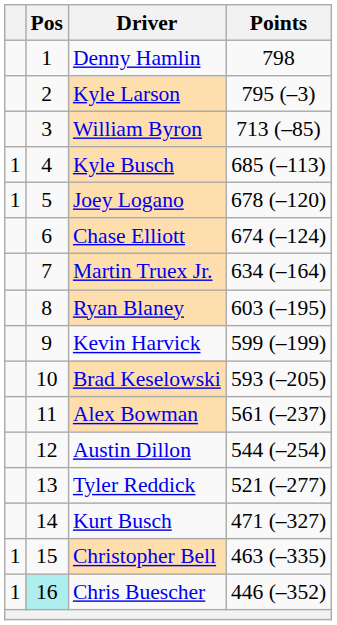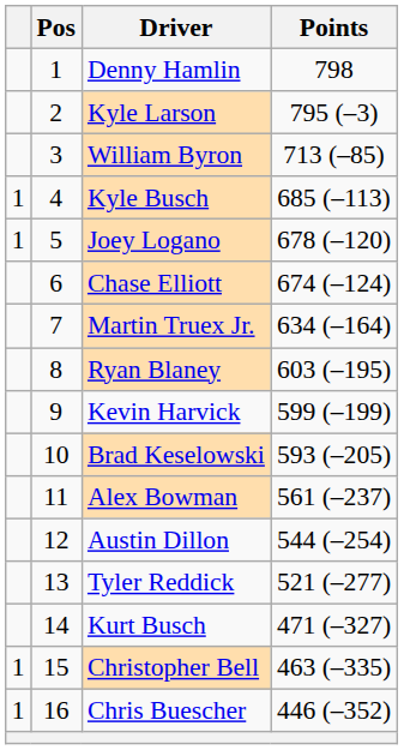 <table class="wikitable" style="font-size: 95%">
 <tr>
 <th></th>
 <th>Pos</th>
 <th>Driver</th>
 <th>Points</th>
 </tr>
 <tr>
 <td align="left"></td>
 <td style="text-align:center;">1</td>
 <td><a href='#'>Denny Hamlin</a></td>
 <td style="text-align:center;">798</td>
 </tr>
 <tr>
 <td align="left"></td>
 <td style="text-align:center;">2</td>
 <td style="background:#FFDEAD;"><a href='#'>Kyle Larson</a></td>
 <td style="text-align:center;">795 (–3)</td>
 </tr>
 <tr>
 <td align="left"></td>
 <td style="text-align:center;">3</td>
 <td style="background:#FFDEAD;"><a href='#'>William Byron</a></td>
 <td style="text-align:center;">713 (–85)</td>
 </tr>
 <tr>
 <td align="left"> 1</td>
 <td style="text-align:center;">4</td>
 <td style="background:#FFDEAD;"><a href='#'>Kyle Busch</a></td>
 <td style="text-align:center;">685 (–113)</td>
 </tr>
 <tr>
 <td align="left"> 1</td>
 <td style="text-align:center;">5</td>
 <td style="background:#FFDEAD;"><a href='#'>Joey Logano</a></td>
 <td style="text-align:center;">678 (–120)</td>
 </tr>
 <tr>
 <td align="left"></td>
 <td style="text-align:center;">6</td>
 <td style="background:#FFDEAD;"><a href='#'>Chase Elliott</a></td>
 <td style="text-align:center;">674 (–124)</td>
 </tr>
 <tr>
 <td align="left"></td>
 <td style="text-align:center;">7</td>
 <td style="background:#FFDEAD;"><a href='#'>Martin Truex Jr.</a></td>
 <td style="text-align:center;">634 (–164)</td>
 </tr>
 <tr>
 <td align="left"></td>
 <td style="text-align:center;">8</td>
 <td style="background:#FFDEAD;"><a href='#'>Ryan Blaney</a></td>
 <td style="text-align:center;">603 (–195)</td>
 </tr>
 <tr>
 <td align="left"></td>
 <td style="text-align:center;">9</td>
 <td><a href='#'>Kevin Harvick</a></td>
 <td style="text-align:center;">599 (–199)</td>
 </tr>
 <tr>
 <td align="left"></td>
 <td style="text-align:center;">10</td>
 <td style="background:#FFDEAD;"><a href='#'>Brad Keselowski</a></td>
 <td style="text-align:center;">593 (–205)</td>
 </tr>
 <tr>
 <td align="left"></td>
 <td style="text-align:center;">11</td>
 <td style="background:#FFDEAD;"><a href='#'>Alex Bowman</a></td>
 <td style="text-align:center;">561 (–237)</td>
 </tr>
 <tr>
 <td align="left"></td>
 <td style="text-align:center;">12</td>
 <td><a href='#'>Austin Dillon</a></td>
 <td style="text-align:center;">544 (–254)</td>
 </tr>
 <tr>
 <td align="left"></td>
 <td style="text-align:center;">13</td>
 <td><a href='#'>Tyler Reddick</a></td>
 <td style="text-align:center;">521 (–277)</td>
 </tr>
 <tr>
 <td align="left"></td>
 <td style="text-align:center;">14</td>
 <td><a href='#'>Kurt Busch</a></td>
 <td style="text-align:center;">471 (–327)</td>
 </tr>
 <tr>
 <td align="left"> 1</td>
 <td style="text-align:center;">15</td>
 <td style="background:#FFDEAD;"><a href='#'>Christopher Bell</a></td>
 <td style="text-align:center;">463 (–335)</td>
 </tr>
 <tr>
 <td align="left"> 1</td>
-<td style="background: paleturquoise; text-align:center;">16</td>
+<td style="text-align:center;">16</td>
 <td><a href='#'>Chris Buescher</a></td>
 <td style="text-align:center;">446 (–352)</td>
 </tr>
 <tr class="sortbottom">
 <th colspan="9"></th>
 </tr>
 </table>
